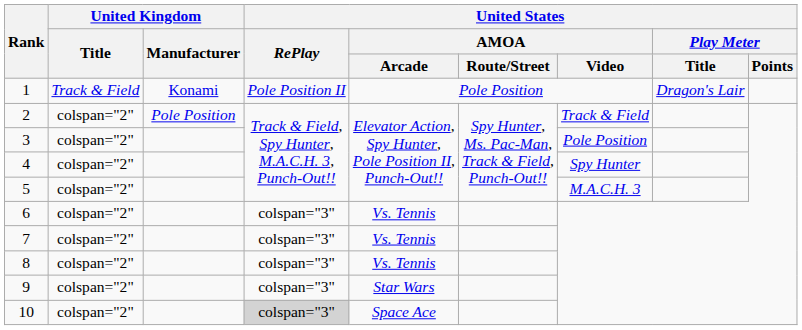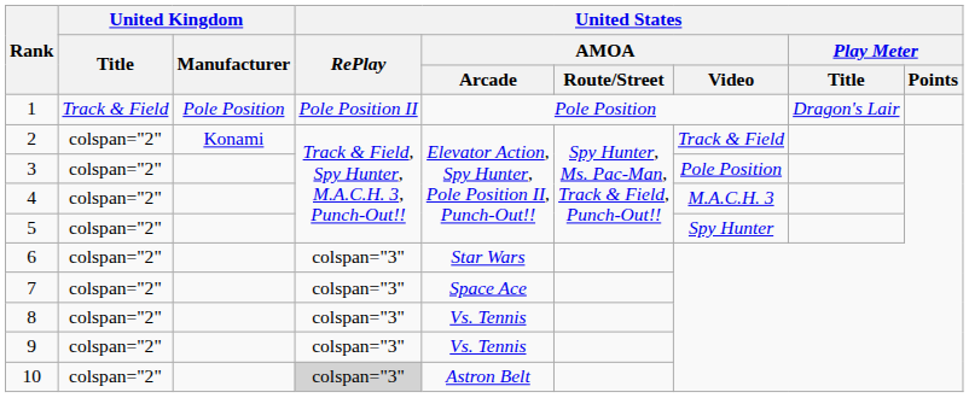 <table class="wikitable" style="text-align:center">
 <tr>
 <th rowspan="3">Rank</th>
 <th colspan="2"><a href='#'>United Kingdom</a></th>
 <th colspan="6"><a href='#'>United States</a></th>
 </tr>
 <tr>
 <th rowspan="2">Title</th>
 <th rowspan="2">Manufacturer</th>
 <th rowspan="2"><em>RePlay</em></th>
 <th colspan="3">AMOA</th>
 <th colspan="2"><em><a href='#'>Play Meter</a></em></th>
 </tr>
 <tr>
 <th>Arcade</th>
 <th>Route/Street</th>
 <th>Video</th>
 <th>Title</th>
 <th>Points</th>
 </tr>
 <tr>
 <td>1</td>
 <td><em><a href='#'>Track & Field</a></em></td>
-<td><a href='#'>Konami</a></td>
+<td><em><a href='#'>Pole Position</a></em></td>
 <td><em><a href='#'>Pole Position II</a></em></td>
 <td colspan="3"><em><a href='#'>Pole Position</a></em></td>
 <td><em><a href='#'>Dragon's Lair</a></em></td>
 <td></td>
 </tr>
 <tr>
 <td>2</td>
 <td>colspan="2" </td>
-<td><em><a href='#'>Pole Position</a></em></td>
+<td><a href='#'>Konami</a></td>
 <td rowspan="4"><em><a href='#'>Track & Field</a></em>, <br> <em><a href='#'>Spy Hunter</a></em>, <br> <em><a href='#'>M.A.C.H. 3</a></em>, <br> <em><a href='#'>Punch-Out!!</a></em></td>
 <td rowspan="4"><em><a href='#'>Elevator Action</a></em>, <br> <em><a href='#'>Spy Hunter</a></em>, <br> <em><a href='#'>Pole Position II</a></em>, <br> <em><a href='#'>Punch-Out!!</a></em></td>
 <td rowspan="4"><em><a href='#'>Spy Hunter</a></em>, <br> <em><a href='#'>Ms. Pac-Man</a></em>, <br> <em><a href='#'>Track & Field</a></em>, <br> <em><a href='#'>Punch-Out!!</a></em></td>
 <td><em><a href='#'>Track & Field</a></em></td>
 <td></td>
 </tr>
 <tr>
 <td>3</td>
 <td>colspan="2" </td>
 <td></td>
 <td><em><a href='#'>Pole Position</a></em></td>
 <td></td>
 </tr>
 <tr>
 <td>4</td>
 <td>colspan="2" </td>
 <td></td>
-<td><em><a href='#'>Spy Hunter</a></em></td>
+<td><em><a href='#'>M.A.C.H. 3</a></em></td>
 <td></td>
 </tr>
 <tr>
 <td>5</td>
 <td>colspan="2" </td>
 <td></td>
-<td><em><a href='#'>M.A.C.H. 3</a></em></td>
+<td><em><a href='#'>Spy Hunter</a></em></td>
 <td></td>
 </tr>
 <tr>
 <td>6</td>
 <td>colspan="2" </td>
 <td></td>
 <td>colspan="3" </td>
-<td><em><a href='#'>Vs. Tennis</a></em></td>
+<td><em><a href='#'>Star Wars</a></em></td>
 <td></td>
 </tr>
 <tr>
 <td>7</td>
 <td>colspan="2" </td>
 <td></td>
 <td>colspan="3" </td>
-<td><em><a href='#'>Vs. Tennis</a></em></td>
+<td><em><a href='#'>Space Ace</a></em></td>
 <td></td>
 </tr>
 <tr>
 <td>8</td>
 <td>colspan="2" </td>
 <td></td>
 <td>colspan="3" </td>
 <td><em><a href='#'>Vs. Tennis</a></em></td>
 <td></td>
 </tr>
 <tr>
 <td>9</td>
 <td>colspan="2" </td>
 <td></td>
 <td>colspan="3" </td>
-<td><em><a href='#'>Star Wars</a></em></td>
+<td><em><a href='#'>Vs. Tennis</a></em></td>
 <td></td>
 </tr>
 <tr>
 <td>10</td>
 <td>colspan="2" </td>
 <td></td>
 <td style="background: lightgrey;">colspan="3" </td>
-<td><em><a href='#'>Space Ace</a></em></td>
+<td><em><a href='#'>Astron Belt</a></em></td>
 <td></td>
 </tr>
 </table>
